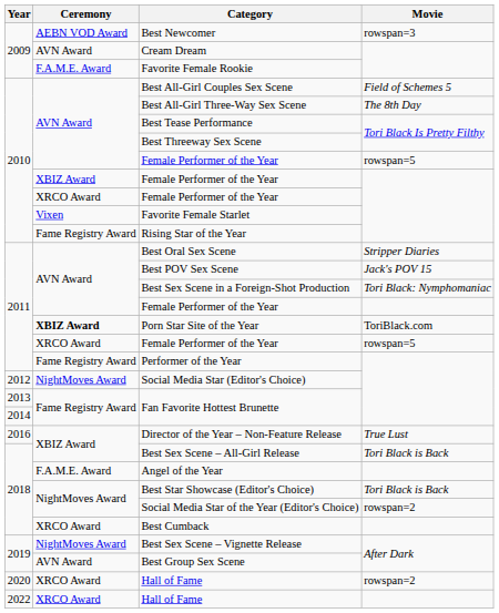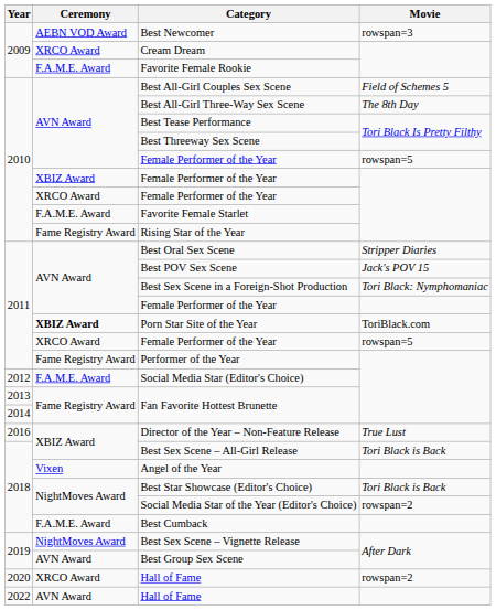 <table class="wikitable">
 <tr>
 <th>Year</th>
 <th>Ceremony</th>
 <th>Category</th>
 <th>Movie</th>
 </tr>
 <tr>
 <td rowspan=3>2009</td>
 <td><a href='#'>AEBN VOD Award</a></td>
 <td>Best Newcomer</td>
 <td>rowspan=3</td>
 </tr>
 <tr>
-<td>AVN Award</td>
+<td><a href='#'>XRCO Award</a></td>
 <td>Cream Dream</td>
 </tr>
 <tr>
 <td><a href='#'>F.A.M.E. Award</a></td>
 <td>Favorite Female Rookie</td>
 </tr>
 <tr>
 <td rowspan=9>2010</td>
 <td rowspan=5><a href='#'>AVN Award</a></td>
 <td>Best All-Girl Couples Sex Scene</td>
 <td><em>Field of Schemes 5</em></td>
 </tr>
 <tr>
 <td>Best All-Girl Three-Way Sex Scene</td>
 <td><em>The 8th Day</em></td>
 </tr>
 <tr>
 <td>Best Tease Performance</td>
 <td rowspan=2><em><a href='#'>Tori Black Is Pretty Filthy</a></em></td>
 </tr>
 <tr>
 <td>Best Threeway Sex Scene</td>
 </tr>
 <tr>
 <td><a href='#'>Female Performer of the Year</a></td>
 <td>rowspan=5</td>
 </tr>
 <tr>
 <td><a href='#'>XBIZ Award</a></td>
 <td>Female Performer of the Year</td>
 </tr>
 <tr>
 <td>XRCO Award</td>
 <td>Female Performer of the Year</td>
 </tr>
 <tr>
-<td><a href='#'>Vixen</a></td>
+<td>F.A.M.E. Award</td>
 <td>Favorite Female Starlet</td>
 </tr>
 <tr>
 <td>Fame Registry Award</td>
 <td>Rising Star of the Year</td>
 </tr>
 <tr>
 <td rowspan=7>2011</td>
 <td rowspan=4>AVN Award</td>
 <td>Best Oral Sex Scene</td>
 <td><em>Stripper Diaries</em></td>
 </tr>
 <tr>
 <td>Best POV Sex Scene</td>
 <td><em>Jack's POV 15</em></td>
 </tr>
 <tr>
 <td>Best Sex Scene in a Foreign-Shot Production</td>
 <td><em>Tori Black: Nymphomaniac</em></td>
 </tr>
 <tr>
 <td>Female Performer of the Year</td>
 <td></td>
 </tr>
 <tr>
 <td><strong>XBIZ Award</strong></td>
 <td>Porn Star Site of the Year</td>
 <td>ToriBlack.com</td>
 </tr>
 <tr>
 <td>XRCO Award</td>
 <td>Female Performer of the Year</td>
 <td>rowspan=5 </td>
 </tr>
 <tr>
 <td>Fame Registry Award</td>
 <td>Performer of the Year</td>
 </tr>
 <tr>
 <td>2012</td>
-<td><a href='#'>NightMoves Award</a></td>
+<td><a href='#'>F.A.M.E. Award</a></td>
 <td>Social Media Star (Editor's Choice)</td>
 </tr>
 <tr>
 <td>2013</td>
 <td rowspan=2>Fame Registry Award</td>
 <td rowspan=2>Fan Favorite Hottest Brunette</td>
 </tr>
 <tr>
 <td>2014</td>
 </tr>
 <tr>
 <td>2016</td>
 <td rowspan=2>XBIZ Award</td>
 <td>Director of the Year – Non-Feature Release</td>
 <td><em>True Lust</em></td>
 </tr>
 <tr>
 <td rowspan="5">2018</td>
 <td>Best Sex Scene – All-Girl Release</td>
 <td><em>Tori Black is Back</em></td>
 </tr>
 <tr>
-<td>F.A.M.E. Award</td>
+<td><a href='#'>Vixen</a></td>
 <td>Angel of the Year</td>
 <td></td>
 </tr>
 <tr>
 <td rowspan=2>NightMoves Award</td>
 <td>Best Star Showcase (Editor's Choice)</td>
 <td><em>Tori Black is Back</em></td>
 </tr>
 <tr>
 <td>Social Media Star of the Year (Editor's Choice)</td>
 <td>rowspan=2</td>
 </tr>
 <tr>
-<td>XRCO Award</td>
+<td>F.A.M.E. Award</td>
 <td>Best Cumback</td>
 </tr>
 <tr>
 <td rowspan="2">2019</td>
 <td><a href='#'>NightMoves Award</a></td>
 <td>Best Sex Scene – Vignette Release</td>
 <td rowspan=2><em>After Dark</em></td>
 </tr>
 <tr>
 <td>AVN Award</td>
 <td>Best Group Sex Scene</td>
 </tr>
 <tr>
 <td>2020</td>
 <td>XRCO Award</td>
 <td><a href='#'>Hall of Fame</a></td>
 <td>rowspan=2</td>
 </tr>
 <tr>
 <td>2022</td>
-<td><a href='#'>XRCO Award</a></td>
+<td>AVN Award</td>
 <td><a href='#'>Hall of Fame</a></td>
 </tr>
 </table>
